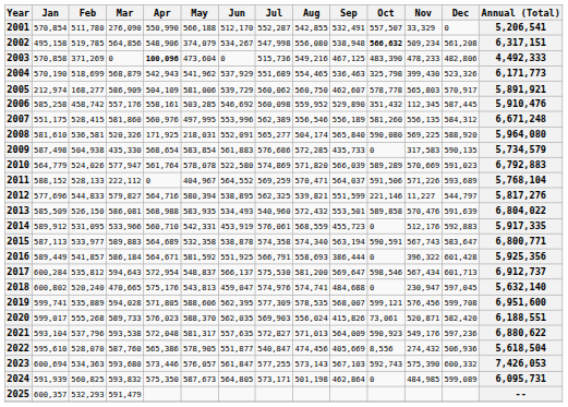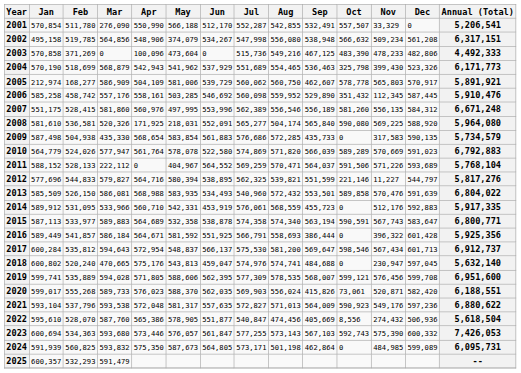 <table class="wikitable">
 <tr>
 <th>Year</th>
 <th>Jan</th>
 <th>Feb</th>
 <th>Mar</th>
 <th>Apr</th>
 <th>May</th>
 <th>Jun</th>
 <th>Jul</th>
 <th>Aug</th>
 <th>Sep</th>
 <th>Oct</th>
 <th>Nov</th>
 <th>Dec</th>
 <th>Annual (Total)</th>
 </tr>
 <tr>
 <th>2001</th>
 <td><small>570,854</small></td>
 <td><small>511,780</small></td>
 <td><small>276,090</small></td>
 <td><small>550,990</small></td>
 <td><small>566,188</small></td>
 <td><small>512,170</small></td>
 <td><small>552,287</small></td>
 <td><small>542,855</small></td>
 <td><small>532,491</small></td>
 <td><small>557,507</small></td>
 <td><small>33,329</small></td>
 <td><small>0</small></td>
 <th>5,206,541</th>
 </tr>
 <tr>
 <th>2002</th>
 <td><small>495,158</small></td>
 <td><small>519,785</small></td>
 <td><small>564,856</small></td>
 <td><small>548,906</small></td>
 <td><small>374,079</small></td>
 <td><small>534,267</small></td>
 <td><small>547,998</small></td>
 <td><small>556,080</small></td>
 <td><small>538,948</small></td>
-<td><strong><small>566,632</small></strong></td>
+<td><small>566,632</small></td>
 <td><small>509,234</small></td>
 <td><small>561,208</small></td>
 <th>6,317,151</th>
 </tr>
 <tr>
 <th>2003</th>
 <td><small>570,858</small></td>
 <td><small>371,269</small></td>
 <td><small>0</small></td>
-<td><strong><small>100,096</small></strong></td>
+<td><small>100,096</small></td>
 <td><small>473,604</small></td>
 <td><small>0</small></td>
 <td><small>515,736</small></td>
 <td><small>549,216</small></td>
 <td><small>467,125</small></td>
 <td><small>483,390</small></td>
 <td><small>478,233</small></td>
 <td><small>482,806</small></td>
 <th>4,492,333</th>
 </tr>
 <tr>
 <th>2004</th>
 <td><small>570,190</small></td>
 <td><small>518,699</small></td>
 <td><small>568,879</small></td>
 <td><small>542,943</small></td>
 <td><small>541,962</small></td>
 <td><small>537,929</small></td>
 <td><small>551,689</small></td>
 <td><small>554,465</small></td>
 <td><small>536,463</small></td>
 <td><small>325,798</small></td>
 <td><small>399,430</small></td>
 <td><small>523,326</small></td>
 <th>6,171,773</th>
 </tr>
 <tr>
 <th>2005</th>
 <td><small>212,974</small></td>
 <td><small>168,277</small></td>
 <td><small>586,909</small></td>
 <td><small>504,109</small></td>
 <td><small>581,006</small></td>
 <td><small>539,729</small></td>
 <td><small>560,062</small></td>
 <td><small>560,750</small></td>
 <td><small>462,607</small></td>
 <td><small>578,778</small></td>
 <td><small>565,803</small></td>
 <td><small>570,917</small></td>
 <th>5,891,921</th>
 </tr>
 <tr>
 <th>2006</th>
 <td><small>585,258</small></td>
 <td><small>458,742</small></td>
 <td><small>557,176</small></td>
 <td><small>558,161</small></td>
 <td><small>503,285</small></td>
 <td><small>546,692</small></td>
 <td><small>560,098</small></td>
 <td><small>559,952</small></td>
 <td><small>529,890</small></td>
 <td><small>351,432</small></td>
 <td><small>112,345</small></td>
 <td><small>587,445</small></td>
 <th>5,910,476</th>
 </tr>
 <tr>
 <th>2007</th>
 <td><small>551,175</small></td>
 <td><small>528,415</small></td>
 <td><small>581,860</small></td>
 <td><small>560,976</small></td>
 <td><small>497,995</small></td>
 <td><small>553,996</small></td>
 <td><small>562,389</small></td>
 <td><small>556,546</small></td>
 <td><small>556,189</small></td>
 <td><small>581,260</small></td>
 <td><small>556,135</small></td>
 <td><small>584,312</small></td>
 <th>6,671,248</th>
 </tr>
 <tr>
 <th>2008</th>
 <td><small>581,610</small></td>
 <td><small>536,581</small></td>
 <td><small>520,326</small></td>
 <td><small>171,925</small></td>
 <td><small>218,031</small></td>
 <td><small>552,091</small></td>
 <td><small>565,277</small></td>
 <td><small>504,174</small></td>
 <td><small>565,840</small></td>
 <td><small>590,080</small></td>
 <td><small>569,225</small></td>
 <td><small>588,920</small></td>
 <th>5,964,080</th>
 </tr>
 <tr>
 <th>2009</th>
 <td><small>587,498</small></td>
 <td><small>504,938</small></td>
 <td><small>435,330</small></td>
 <td><small>568,654</small></td>
 <td><small>583,854</small></td>
 <td><small>561,883</small></td>
 <td><small>576,686</small></td>
 <td><small>572,285</small></td>
 <td><small>435,733</small></td>
 <td><small>0</small></td>
 <td><small>317,583</small></td>
 <td><small>590,135</small></td>
 <th>5,734,579</th>
 </tr>
 <tr>
 <th>2010</th>
 <td><small>564,779</small></td>
 <td><small>524,026</small></td>
 <td><small>577,947</small></td>
 <td><small>561,764</small></td>
 <td><small>578,078</small></td>
 <td><small>522,580</small></td>
 <td><small>574,869</small></td>
 <td><small>571,820</small></td>
 <td><small>566,039</small></td>
 <td><small>589,289</small></td>
 <td><small>570,669</small></td>
 <td><small>591,023</small></td>
 <th>6,792,883</th>
 </tr>
 <tr>
 <th>2011</th>
 <td><small>588,152</small></td>
 <td><small>528,133</small></td>
 <td><small>222,112</small></td>
 <td><small>0</small></td>
 <td><small>404,967</small></td>
 <td><small>564,552</small></td>
 <td><small>569,259</small></td>
 <td><small>570,471</small></td>
 <td><small>564,037</small></td>
 <td><small>591,506</small></td>
 <td><small>571,226</small></td>
 <td><small>593,689</small></td>
 <th>5,768,104</th>
 </tr>
 <tr>
 <th>2012</th>
 <td><small>577,696</small></td>
 <td><small>544,833</small></td>
 <td><small>579,827</small></td>
 <td><small>564,716</small></td>
 <td><small>580,394</small></td>
 <td><small>538,895</small></td>
 <td><small>562,325</small></td>
 <td><small>539,821</small></td>
 <td><small>551,599</small></td>
 <td><small>221,146</small></td>
 <td><small>11,227</small></td>
 <td><small>544,797</small></td>
 <th>5,817,276</th>
 </tr>
 <tr>
 <th>2013</th>
 <td><small>585,509</small></td>
 <td><small>526,150</small></td>
 <td><small>586,081</small></td>
 <td><small>568,988</small></td>
 <td><small>583,935</small></td>
 <td><small>534,493</small></td>
 <td><small>540,960</small></td>
 <td><small>572,432</small></td>
 <td><small>553,501</small></td>
 <td><small>589,858</small></td>
 <td><small>570,476</small></td>
 <td><small>591,639</small></td>
 <th>6,804,022</th>
 </tr>
 <tr>
 <th>2014</th>
 <td><small>589,912</small></td>
 <td><small>531,095</small></td>
 <td><small>533,966</small></td>
 <td><small>560,710</small></td>
 <td><small>542,331</small></td>
 <td><small>453,919</small></td>
 <td><small>576,061</small></td>
 <td><small>568,559</small></td>
 <td><small>455,723</small></td>
 <td><small>0</small></td>
 <td><small>512,176</small></td>
 <td><small>592,883</small></td>
 <th>5,917,335</th>
 </tr>
 <tr>
 <th>2015</th>
 <td><small>587,113</small></td>
 <td><small>533,977</small></td>
 <td><small>589,883</small></td>
 <td><small>564,689</small></td>
 <td><small>532,358</small></td>
 <td><small>538,878</small></td>
 <td><small>574,358</small></td>
 <td><small>574,340</small></td>
 <td><small>563,194</small></td>
 <td><small>590,591</small></td>
 <td><small>567,743</small></td>
 <td><small>583,647</small></td>
 <th>6,800,771</th>
 </tr>
 <tr>
 <th>2016</th>
 <td><small>589,449</small></td>
 <td><small>541,857</small></td>
 <td><small>586,184</small></td>
 <td><small>564,671</small></td>
 <td><small>581,592</small></td>
 <td><small>551,925</small></td>
 <td><small>566,791</small></td>
 <td><small>558,693</small></td>
 <td><small>386,444</small></td>
 <td><small>0</small></td>
 <td><small>396,322</small></td>
 <td><small>601,428</small></td>
 <th>5,925,356</th>
 </tr>
 <tr>
 <th>2017</th>
 <td><small>600,284</small></td>
 <td><small>535,812</small></td>
 <td><small>594,643</small></td>
 <td><small>572,954</small></td>
 <td><small>548,837</small></td>
 <td><small>566,137</small></td>
 <td><small>575,530</small></td>
 <td><small>581,200</small></td>
 <td><small>569,647</small></td>
 <td><small>598,546</small></td>
 <td><small>567,434</small></td>
 <td><small>601,713</small></td>
 <th>6,912,737</th>
 </tr>
 <tr>
 <th>2018</th>
 <td><small>600,802</small></td>
 <td><small>520,240</small></td>
 <td><small>470,665</small></td>
 <td><small>575,176</small></td>
 <td><small>543,813</small></td>
 <td><small>459,047</small></td>
 <td><small>574,976</small></td>
 <td><small>574,741</small></td>
 <td><small>484,688</small></td>
 <td><small>0</small></td>
 <td><small>230,947</small></td>
 <td><small>597,045</small></td>
 <th>5,632,140</th>
 </tr>
 <tr>
 <th>2019</th>
 <td><small>599,741</small></td>
 <td><small>535,889</small></td>
 <td><small>594,028</small></td>
 <td><small>571,805</small></td>
 <td><small>588,606</small></td>
 <td><small>562,395</small></td>
 <td><small>577,309</small></td>
 <td><small>578,535</small></td>
 <td><small>568,007</small></td>
 <td><small>599,121</small></td>
 <td><small>576,456</small></td>
 <td><small>599,708</small></td>
 <th>6,951,600</th>
 </tr>
 <tr>
 <th>2020</th>
 <td><small>599,017</small></td>
 <td><small>555,268</small></td>
 <td><small>589,733</small></td>
 <td><small>576,023</small></td>
 <td><small>588,370</small></td>
 <td><small>562,035</small></td>
 <td><small>569,903</small></td>
 <td><small>556,024</small></td>
 <td><small>415,826</small></td>
 <td><small>73,061</small></td>
 <td><small>520,871</small></td>
 <td><small>582,420</small></td>
 <th>6,188,551</th>
 </tr>
 <tr>
 <th>2021</th>
 <td><small>593,104</small></td>
 <td><small>537,796</small></td>
 <td><small>593,538</small></td>
 <td><small>572,048</small></td>
 <td><small>581,317</small></td>
 <td><small>557,635</small></td>
 <td><small>572,827</small></td>
 <td><small>571,013</small></td>
 <td><small>564,009</small></td>
 <td><small>590,923</small></td>
 <td><small>549,176</small></td>
 <td><small>597,236</small></td>
 <th>6,880,622</th>
 </tr>
 <tr>
 <th>2022</th>
 <td><small>595,610</small></td>
 <td><small>528,070</small></td>
 <td><small>587,760</small></td>
 <td><small>565,386</small></td>
 <td><small>578,905</small></td>
 <td><small>551,877</small></td>
 <td><small>540,847</small></td>
 <td><small>474,456</small></td>
 <td><small>405,669</small></td>
 <td><small>8,556</small></td>
 <td><small>274,432</small></td>
 <td><small>506,936</small></td>
 <th>5,618,504</th>
 </tr>
 <tr>
 <th>2023</th>
 <td><small>600,694</small></td>
 <td><small>534,363</small></td>
 <td><small>593,680</small></td>
 <td><small>573,446</small></td>
 <td><small>576,057</small></td>
 <td><small>561,847</small></td>
 <td><small>577,255</small></td>
 <td><small>573,143</small></td>
 <td><small>567,103</small></td>
 <td><small>592,743</small></td>
 <td><small>575,390</small></td>
 <td><small>600,332</small></td>
 <th>7,426,053</th>
 </tr>
 <tr>
 <th>2024</th>
 <td><small>591,939</small></td>
 <td><small>560,825</small></td>
 <td><small>593,832</small></td>
 <td><small>575,350</small></td>
 <td><small>587,673</small></td>
 <td><small>564,805</small></td>
 <td><small>573,171</small></td>
 <td><small>501,198</small></td>
 <td><small>462,864</small></td>
 <td><small>0</small></td>
 <td><small>484,985</small></td>
 <td><small>599,089</small></td>
 <th>6,095,731</th>
 </tr>
 <tr>
 <th>2025</th>
 <td><small>600,357</small></td>
 <td><small>532,293</small></td>
 <td><small>591,479</small></td>
 <td><small></small></td>
 <td><small></small></td>
 <td><small></small></td>
 <td><small></small></td>
 <td><small></small></td>
 <td><small></small></td>
 <td><small></small></td>
 <td><small></small></td>
 <td><small></small></td>
 <th>--</th>
 </tr>
 <tr>
 </tr>
 </table>
